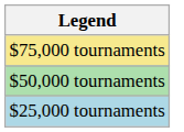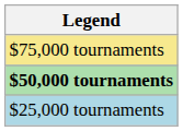 <table class=wikitable style="font-size:85%">
 <tr>
 <th>Legend</th>
 </tr>
 <tr style="background:#f7e98e;">
 <td>$75,000 tournaments</td>
 </tr>
 <tr style="background:#addfad;">
-<td>$50,000 tournaments</td>
+<td><strong>$50,000 tournaments</strong></td>
 </tr>
 <tr style="background:lightblue;">
 <td>$25,000 tournaments</td>
 </tr>
 </table>
